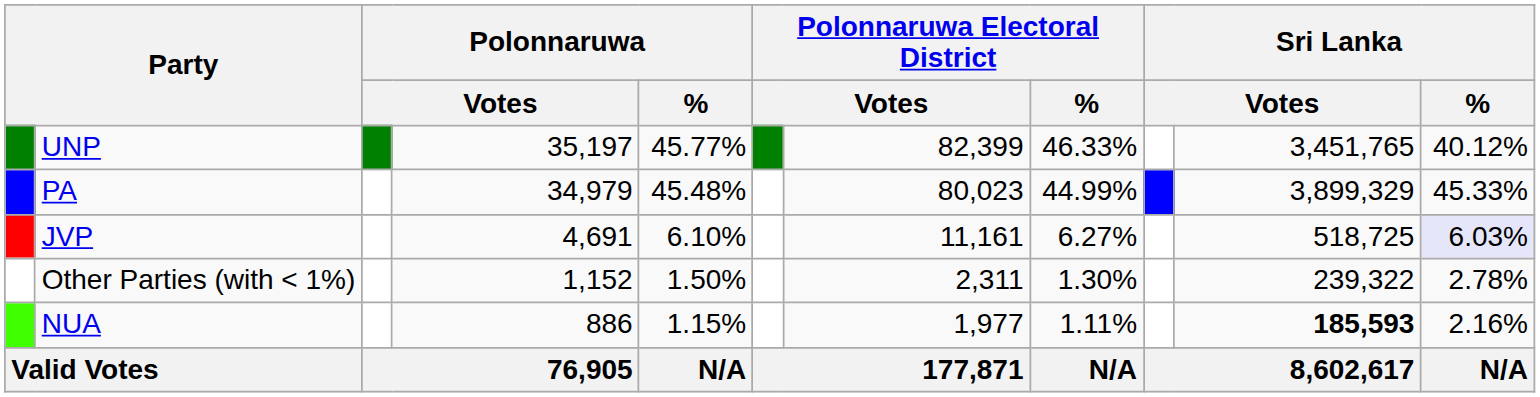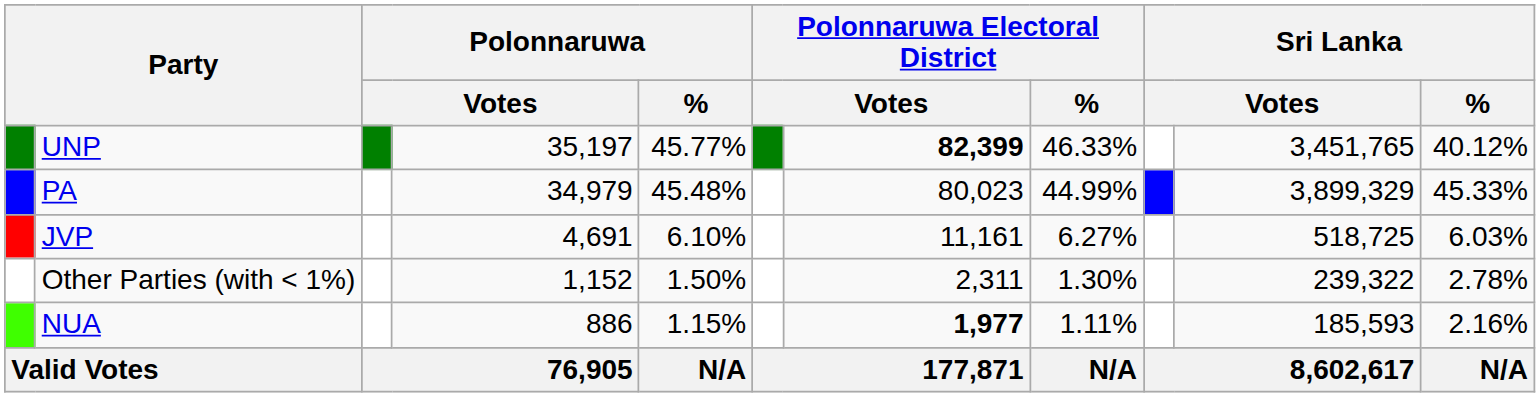 <table class="wikitable">
 <tr>
 <th colspan="2" width="144px"rowspan="2">Party</th>
 <th colspan="3" width="216px">Polonnaruwa</th>
 <th colspan="3" width="216px"><a href='#'>Polonnaruwa Electoral District</a></th>
 <th colspan="3" width="216px">Sri Lanka</th>
 </tr>
 <tr>
 <th colspan="2" width="144px">Votes</th>
 <th>%</th>
 <th colspan="2" width="144px">Votes</th>
 <th>%</th>
 <th colspan="2" width="144px">Votes</th>
 <th>%</th>
 </tr>
 <tr>
 <td style="background-color:green;" width="10px"></td>
 <td style="text-align:left;"><a href='#'>UNP</a></td>
 <td style="background-color:green;" width="10px"></td>
 <td style="text-align:right;">35,197</td>
 <td style="text-align:right;">45.77%</td>
 <td style="background-color:green;" width="10px"></td>
-<td style="text-align:right;">82,399</td>
+<td style="text-align:right;"><strong>82,399</strong></td>
 <td style="text-align:right;">46.33%</td>
 <td style="background-color:white;" width="10px"></td>
 <td style="text-align:right;">3,451,765</td>
 <td style="text-align:right;">40.12%</td>
 </tr>
 <tr>
 <td style="background-color:blue;" width="10px"></td>
 <td style="text-align:left;"><a href='#'>PA</a></td>
 <td style="background-color:white;" width="10px"></td>
 <td style="text-align:right;">34,979</td>
 <td style="text-align:right;">45.48%</td>
 <td style="background-color:white;" width="10px"></td>
 <td style="text-align:right;">80,023</td>
 <td style="text-align:right;">44.99%</td>
 <td style="background-color:blue;" width="10px"></td>
 <td style="text-align:right;">3,899,329</td>
 <td style="text-align:right;">45.33%</td>
 </tr>
 <tr>
 <td style="background-color:red;" width="10px"></td>
 <td style="text-align:left;"><a href='#'>JVP</a></td>
 <td style="background-color:white;" width="10px"></td>
 <td style="text-align:right;">4,691</td>
 <td style="text-align:right;">6.10%</td>
 <td style="background-color:white;" width="10px"></td>
 <td style="text-align:right;">11,161</td>
 <td style="text-align:right;">6.27%</td>
 <td style="background-color:white;" width="10px"></td>
 <td style="text-align:right;">518,725</td>
-<td style="background: lavender; text-align:right;">6.03%</td>
+<td style="text-align:right;">6.03%</td>
 </tr>
 <tr>
 <td style="background-color:white;" width="10px"></td>
 <td style="text-align:left;">Other Parties (with < 1%)</td>
 <td style="background-color:white;" width="10px"></td>
 <td style="text-align:right;">1,152</td>
 <td style="text-align:right;">1.50%</td>
 <td style="background-color:white;" width="10px"></td>
 <td style="text-align:right;">2,311</td>
 <td style="text-align:right;">1.30%</td>
 <td style="background-color:white;" width="10px"></td>
 <td style="text-align:right;">239,322</td>
 <td style="text-align:right;">2.78%</td>
 </tr>
 <tr>
 <td style="background-color:#3FFF00;" width="10px"></td>
 <td style="text-align:left;"><a href='#'>NUA</a></td>
 <td style="background-color:white;" width="10px"></td>
 <td style="text-align:right;">886</td>
 <td style="text-align:right;">1.15%</td>
 <td style="background-color:white;" width="10px"></td>
-<td style="text-align:right;">1,977</td>
+<td style="text-align:right;"><strong>1,977</strong></td>
 <td style="text-align:right;">1.11%</td>
 <td style="background-color:white;" width="10px"></td>
-<td style="text-align:right;"><strong>185,593</strong></td>
+<td style="text-align:right;">185,593</td>
 <td style="text-align:right;">2.16%</td>
 </tr>
 <tr>
 <th colspan="2" width="144px"style="text-align:left;">Valid Votes</th>
 <th style="text-align:right;"colspan="2" width="144px">76,905</th>
 <th style="text-align:right;">N/A</th>
 <th style="text-align:right;"colspan="2" width="144px">177,871</th>
 <th style="text-align:right;">N/A</th>
 <th style="text-align:right;"colspan="2" width="144px">8,602,617</th>
 <th style="text-align:right;">N/A</th>
 </tr>
 </table>
